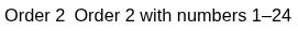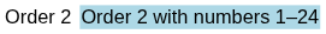 <table style="margin:auto">
 <tr valign="bottom">
 <td style="padding: 0 2em 1em"></td>
 <td style="padding: 0 2em 1em"></td>
 </tr>
 <tr>
 <td align="center">Order 2</td>
-<td align="center">Order 2 with numbers 1–24</td>
+<td align="center" style="background: lightblue;">Order 2 with numbers 1–24</td>
 </tr>
 </table>
